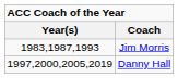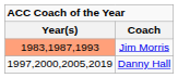 <table class="wikitable">
 <tr>
 <td colspan="3"><strong>ACC Coach of the Year</strong></td>
 </tr>
 <tr>
 <th>Year(s)</th>
 <th>Coach</th>
 </tr>
 <tr style="text-align:center;">
-<td>1983,1987,1993</td>
+<td style="background: lightsalmon;">1983,1987,1993</td>
 <td><a href='#'>Jim Morris</a></td>
 </tr>
 <tr style="text-align:center;">
 <td>1997,2000,2005,2019</td>
 <td><a href='#'>Danny Hall</a></td>
 </tr>
 </table>
